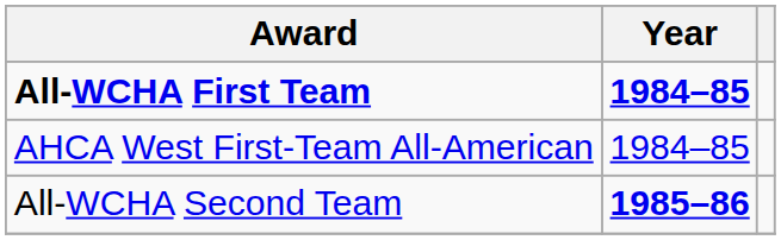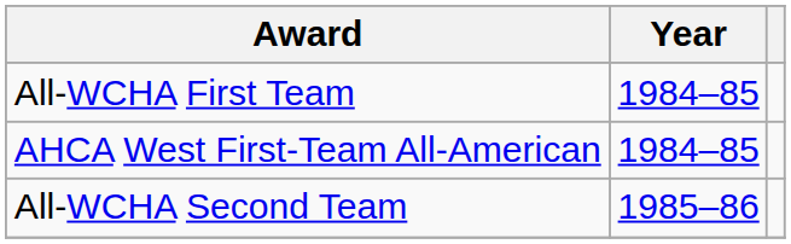 <table class="wikitable">
 <tr>
 <th>Award</th>
 <th>Year</th>
 <th></th>
 </tr>
 <tr>
-<td><strong>All-<a href='#'>WCHA</a> <a href='#'>First Team</a></strong></td>
-<td><strong><a href='#'>1984–85</a></strong></td>
+<td>All-<a href='#'>WCHA</a> <a href='#'>First Team</a></td>
+<td><a href='#'>1984–85</a></td>
 <td></td>
 </tr>
 <tr>
 <td><a href='#'>AHCA</a> <a href='#'>West First-Team All-American</a></td>
 <td><a href='#'>1984–85</a></td>
 <td></td>
 </tr>
 <tr>
 <td>All-<a href='#'>WCHA</a> <a href='#'>Second Team</a></td>
-<td><strong><a href='#'>1985–86</a></strong></td>
+<td><a href='#'>1985–86</a></td>
 <td></td>
 </tr>
 <tr>
 </tr>
 </table>
